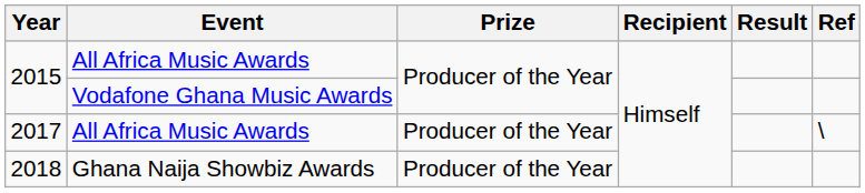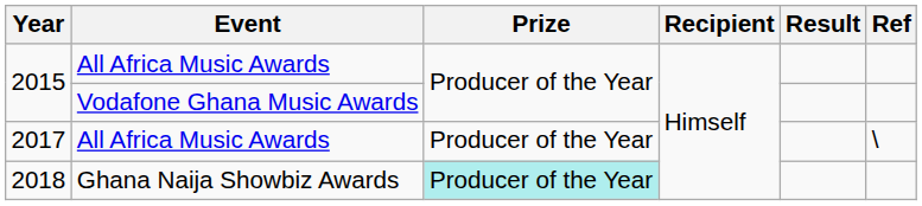 <table class ="wikitable">
 <tr>
 <th>Year</th>
 <th>Event</th>
 <th>Prize</th>
 <th>Recipient</th>
 <th>Result</th>
 <th>Ref</th>
 </tr>
 <tr>
 <td rowspan="2">2015</td>
 <td><a href='#'>All Africa Music Awards</a></td>
 <td rowspan="2">Producer of the Year</td>
 <td rowspan="4">Himself</td>
 <td></td>
 <td></td>
 </tr>
 <tr>
 <td><a href='#'>Vodafone Ghana Music Awards</a></td>
 <td></td>
 <td></td>
 </tr>
 <tr>
 <td rowspan="1">2017</td>
 <td><a href='#'>All Africa Music Awards</a></td>
 <td>Producer of the Year</td>
 <td></td>
 <td>\</td>
 </tr>
 <tr>
 <td rowspan="1">2018</td>
 <td>Ghana Naija Showbiz Awards</td>
-<td>Producer of the Year</td>
+<td style="background: paleturquoise;">Producer of the Year</td>
 <td></td>
 <td></td>
 </tr>
 </table>
